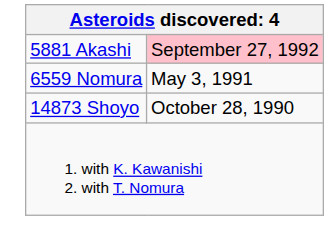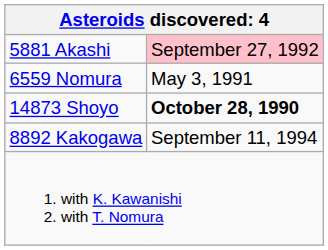 <table class="wikitable collapsible" align="right" style="margin: 1em; margin-top: 0; font-size:89%">
 <tr>
 <th colspan="2" style="white-space: nowrap;"><a href='#'>Asteroids</a> discovered: 4</th>
 </tr>
 <tr>
 <td><a href='#'>5881 Akashi</a></td>
 <td style="background: pink;">September 27, 1992</td>
 </tr>
 <tr>
 <td><a href='#'>6559 Nomura</a></td>
 <td>May 3, 1991</td>
 </tr>
 <tr>
 <td><a href='#'>14873 Shoyo</a></td>
-<td>October 28, 1990</td>
+<td><strong>October 28, 1990</strong></td>
+</tr>
+<tr>
+<td><a href='#'>8892 Kakogawa</a></td>
+<td>September 11, 1994</td>
 </tr>
 <tr>
 <td colspan="2" style="font-size: smaller;"><br><ol><li> with <a href='#'>K. Kawanishi</a></li><li> with <a href='#'>T. Nomura</a></li></ol></td>
 </tr>
 </table>
